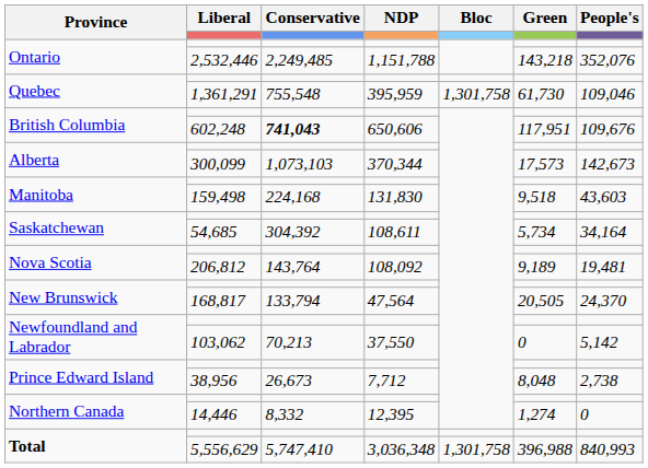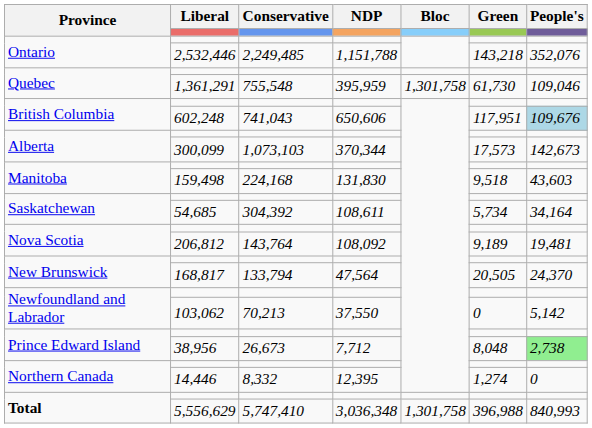 <table class="wikitable" style="text-align:left;">
 <tr>
 <th rowspan="2">Province</th>
 <th style="width:50px;">Liberal</th>
 <th style="width:50px;">Conservative</th>
 <th style="width:50px;">NDP</th>
 <th style="width:50px;">Bloc</th>
 <th style="width:50px;">Green</th>
 <th style="width:50px;">People's</th>
 </tr>
 <tr>
 <th style="background-color:#EA6D6A;"></th>
 <th style="background-color:#6495ED;"></th>
 <th style="background-color:#F4A460;"></th>
 <th style="background-color:#87CEFA;"></th>
 <th style="background-color:#99C955;"></th>
 <th style="background-color:#6f5d9a;"></th>
 </tr>
 <tr>
 <td rowspan="2"><a href='#'>Ontario</a></td>
 <td><strong></strong></td>
 <td></td>
 <td></td>
 <td rowspan="2"></td>
 <td></td>
 </tr>
 <tr>
 <td><em>2,532,446</em></td>
 <td><em>2,249,485</em></td>
 <td><em>1,151,788</em></td>
 <td><em>143,218</em></td>
 <td><em>352,076</em></td>
 </tr>
 <tr>
 <td rowspan="2"><a href='#'>Quebec</a></td>
 <td><strong></strong></td>
 <td></td>
 <td></td>
 <td></td>
 <td></td>
 </tr>
 <tr>
 <td><em>1,361,291</em></td>
 <td><em>755,548</em></td>
 <td><em>395,959</em></td>
 <td><em>1,301,758</em></td>
 <td><em>61,730</em></td>
 <td><em>109,046</em></td>
 </tr>
 <tr>
 <td rowspan="2"><a href='#'>British Columbia</a></td>
 <td><strong></strong></td>
 <td></td>
 <td></td>
 <td rowspan="18"></td>
 <td></td>
 </tr>
 <tr>
 <td><em>602,248</em></td>
-<td><strong><em>741,043</em></strong></td>
+<td><em>741,043</em></td>
 <td><em>650,606</em></td>
 <td><em>117,951</em></td>
-<td><em>109,676</em></td>
+<td style="background: lightblue;"><em>109,676</em></td>
 </tr>
 <tr>
 <td rowspan="2"><a href='#'>Alberta</a></td>
 <td></td>
 <td><strong></strong></td>
 <td></td>
 <td></td>
 </tr>
 <tr>
 <td><em>300,099</em></td>
 <td><em>1,073,103</em></td>
 <td><em>370,344</em></td>
 <td><em>17,573</em></td>
 <td><em>142,673</em></td>
 </tr>
 <tr>
 <td rowspan="2"><a href='#'>Manitoba</a></td>
 <td></td>
 <td><strong></strong></td>
 <td></td>
 <td></td>
 </tr>
 <tr>
 <td><em>159,498</em></td>
 <td><em>224,168</em></td>
 <td><em>131,830</em></td>
 <td><em>9,518</em></td>
 <td><em>43,603</em></td>
 </tr>
 <tr>
 <td rowspan="2"><a href='#'>Saskatchewan</a></td>
 <td></td>
 <td><strong></strong></td>
 <td></td>
 <td></td>
 </tr>
 <tr>
 <td><em>54,685</em></td>
 <td><em>304,392</em></td>
 <td><em>108,611</em></td>
 <td><em>5,734</em></td>
 <td><em>34,164</em></td>
 </tr>
 <tr>
 <td rowspan="2"><a href='#'>Nova Scotia</a></td>
 <td><strong></strong></td>
 <td></td>
 <td></td>
 <td></td>
 <td></td>
 </tr>
 <tr>
 <td><em>206,812</em></td>
 <td><em>143,764</em></td>
 <td><em>108,092</em></td>
 <td><em>9,189</em></td>
 <td><em>19,481</em></td>
 </tr>
 <tr>
 <td rowspan="2"><a href='#'>New Brunswick</a></td>
 <td><strong></strong></td>
 <td></td>
 <td></td>
 <td></td>
 <td></td>
 </tr>
 <tr>
 <td><em>168,817</em></td>
 <td><em>133,794</em></td>
 <td><em>47,564</em></td>
 <td><em>20,505</em></td>
 <td><em>24,370</em></td>
 </tr>
 <tr>
 <td rowspan="2"><a href='#'>Newfoundland and Labrador</a></td>
 <td><strong></strong></td>
 <td></td>
 <td></td>
 <td></td>
 <td></td>
 </tr>
 <tr>
 <td><em>103,062</em></td>
 <td><em>70,213</em></td>
 <td><em>37,550</em></td>
 <td><em>0</em></td>
 <td><em>5,142</em></td>
 </tr>
 <tr>
 <td rowspan="2"><a href='#'>Prince Edward Island</a></td>
 <td><strong></strong></td>
 <td></td>
 <td></td>
 <td></td>
 <td></td>
 </tr>
 <tr>
 <td><em>38,956</em></td>
 <td><em>26,673</em></td>
 <td><em>7,712</em></td>
 <td><em>8,048</em></td>
-<td><em>2,738</em></td>
+<td style="background: lightgreen;"><em>2,738</em></td>
 </tr>
 <tr>
 <td rowspan="2"><a href='#'>Northern Canada</a></td>
 <td><strong></strong></td>
 <td></td>
 <td></td>
 <td></td>
 <td></td>
 </tr>
 <tr>
 <td><em>14,446</em></td>
 <td><em>8,332</em></td>
 <td><em>12,395</em></td>
 <td><em>1,274</em></td>
 <td><em>0</em></td>
 </tr>
 <tr>
 <td rowspan="2"><strong>Total</strong></td>
 <td><strong></strong></td>
 <td></td>
 <td></td>
 <td></td>
 <td></td>
 <td></td>
 </tr>
 <tr>
 <td><em>5,556,629</em></td>
 <td><em>5,747,410</em></td>
 <td><em>3,036,348</em></td>
 <td><em>1,301,758</em></td>
 <td><em>396,988</em></td>
 <td><em>840,993</em></td>
 </tr>
 </table>
